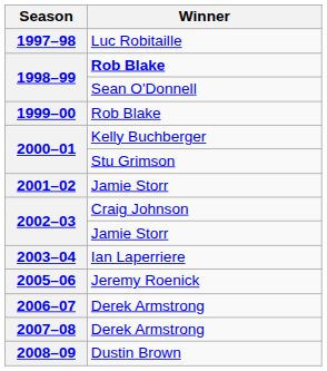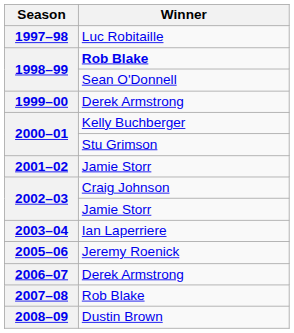 <table class="wikitable">
 <tr>
 <th scope="col" style="width:5em">Season</th>
 <th scope="col" style="width:15em">Winner</th>
 </tr>
 <tr>
 <th scope="row"><a href='#'>1997–98</a></th>
 <td><a href='#'>Luc Robitaille</a></td>
 </tr>
 <tr>
 <th scope="row" rowspan="2"><a href='#'>1998–99</a></th>
 <td><strong><a href='#'>Rob Blake</a></strong></td>
 </tr>
 <tr>
 <td><a href='#'>Sean O'Donnell</a></td>
 </tr>
 <tr>
 <th scope="row"><a href='#'>1999–00</a></th>
-<td><a href='#'>Rob Blake</a></td>
+<td><a href='#'>Derek Armstrong</a></td>
 </tr>
 <tr>
 <th scope="row" rowspan="2"><a href='#'>2000–01</a></th>
 <td><a href='#'>Kelly Buchberger</a></td>
 </tr>
 <tr>
 <td><a href='#'>Stu Grimson</a></td>
 </tr>
 <tr>
 <th scope="row"><a href='#'>2001–02</a></th>
 <td><a href='#'>Jamie Storr</a></td>
 </tr>
 <tr>
 <th scope="row" rowspan="2"><a href='#'>2002–03</a></th>
 <td><a href='#'>Craig Johnson</a></td>
 </tr>
 <tr>
 <td><a href='#'>Jamie Storr</a></td>
 </tr>
 <tr>
 <th scope="row"><a href='#'>2003–04</a></th>
 <td><a href='#'>Ian Laperriere</a></td>
 </tr>
 <tr>
 <th scope="row"><a href='#'>2005–06</a></th>
 <td><a href='#'>Jeremy Roenick</a></td>
 </tr>
 <tr>
 <th scope="row"><a href='#'>2006–07</a></th>
 <td><a href='#'>Derek Armstrong</a></td>
 </tr>
 <tr>
 <th scope="row"><a href='#'>2007–08</a></th>
-<td><a href='#'>Derek Armstrong</a></td>
+<td><a href='#'>Rob Blake</a></td>
 </tr>
 <tr>
 <th scope="row"><a href='#'>2008–09</a></th>
 <td><a href='#'>Dustin Brown</a></td>
 </tr>
 </table>
